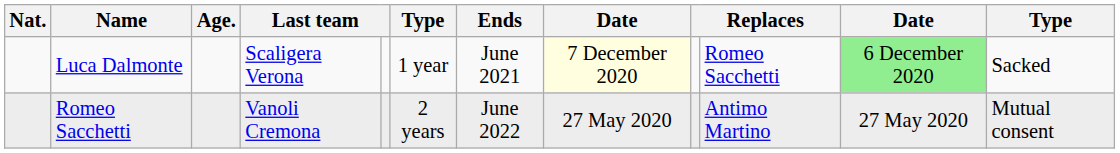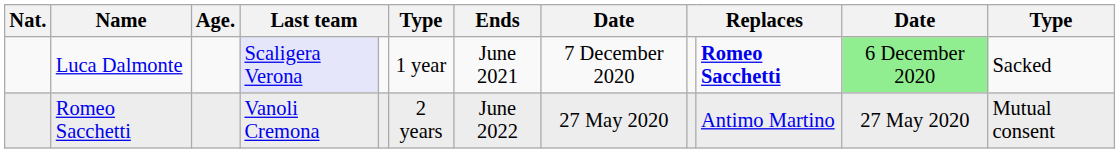 <table class="wikitable sortable">
 <tr>
 <th>Nat.</th>
 <th>Name</th>
 <th>Age.</th>
 <th colspan=2>Last team</th>
 <th>Type</th>
 <th>Ends</th>
 <th>Date</th>
 <th colspan=2>Replaces</th>
 <th>Date</th>
 <th>Type</th>
 </tr>
 <tr>
 <td style="text-align: center;"></td>
 <td><a href='#'>Luca Dalmonte</a></td>
 <td style="text-align: center;"></td>
-<td><a href='#'>Scaligera Verona</a></td>
+<td style="background: lavender;"><a href='#'>Scaligera Verona</a></td>
 <td style="text-align: center;"></td>
 <td style="text-align: center;">1 year</td>
 <td style="text-align: center;">June 2021</td>
-<td style="background: lightyellow; text-align: center;">7 December 2020</td>
+<td style="text-align: center;">7 December 2020</td>
 <td style="text-align: center;"></td>
-<td><a href='#'>Romeo Sacchetti</a></td>
+<td><strong><a href='#'>Romeo Sacchetti</a></strong></td>
 <td style="background: lightgreen; text-align: center;">6 December 2020</td>
 <td>Sacked</td>
 </tr>
 <tr>
 <td style="text-align: center; background-color: #ededed;"></td>
 <td style="background-color: #ededed;"><a href='#'>Romeo Sacchetti</a></td>
 <td style="text-align: center; background-color: #ededed;"></td>
 <td style="background-color: #ededed;"><a href='#'>Vanoli Cremona</a></td>
 <td style="text-align: center; background-color: #ededed;"></td>
 <td style="text-align: center; background-color: #ededed;">2 years</td>
 <td style="text-align: center; background-color: #ededed;">June 2022</td>
 <td style="text-align: center; background-color: #ededed;">27 May 2020</td>
 <td style="text-align: center; background-color: #ededed;"></td>
 <td style="background-color: #ededed;"><a href='#'>Antimo Martino</a></td>
 <td style="text-align: center; background-color: #ededed;">27 May 2020</td>
 <td style="background-color: #ededed;">Mutual consent</td>
 </tr>
 </table>
